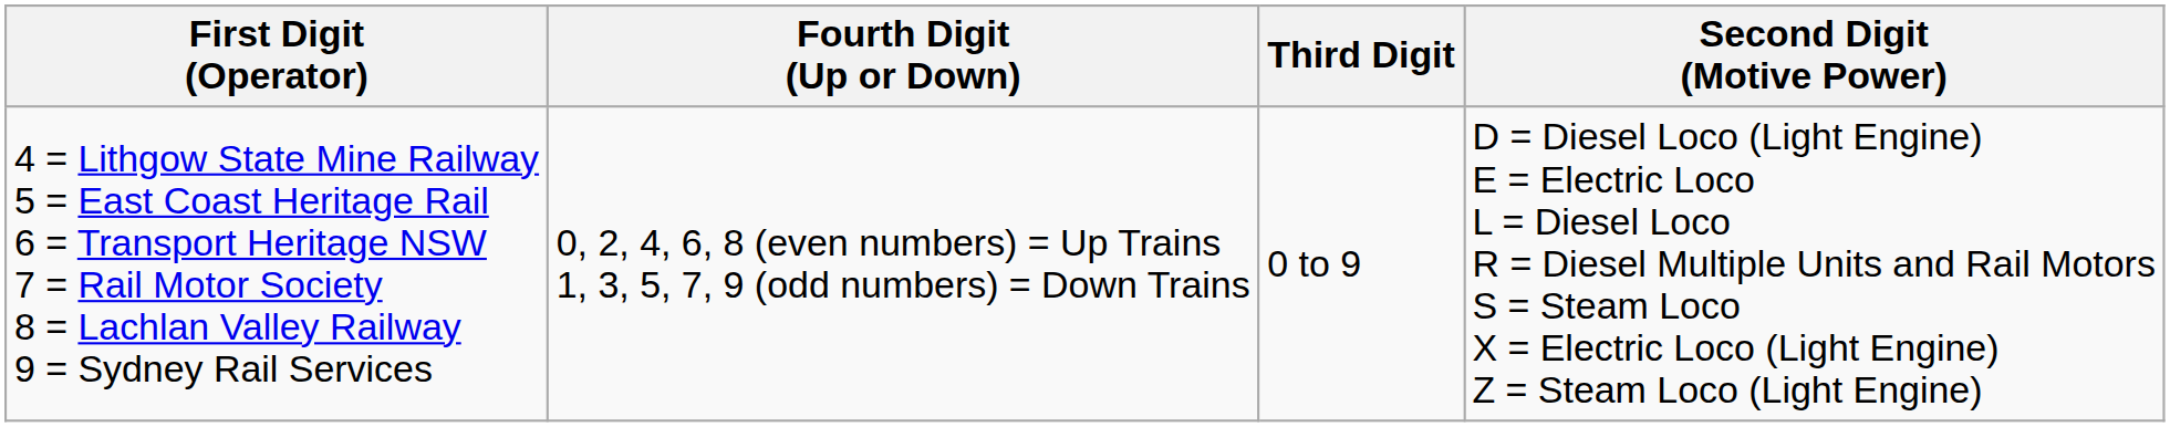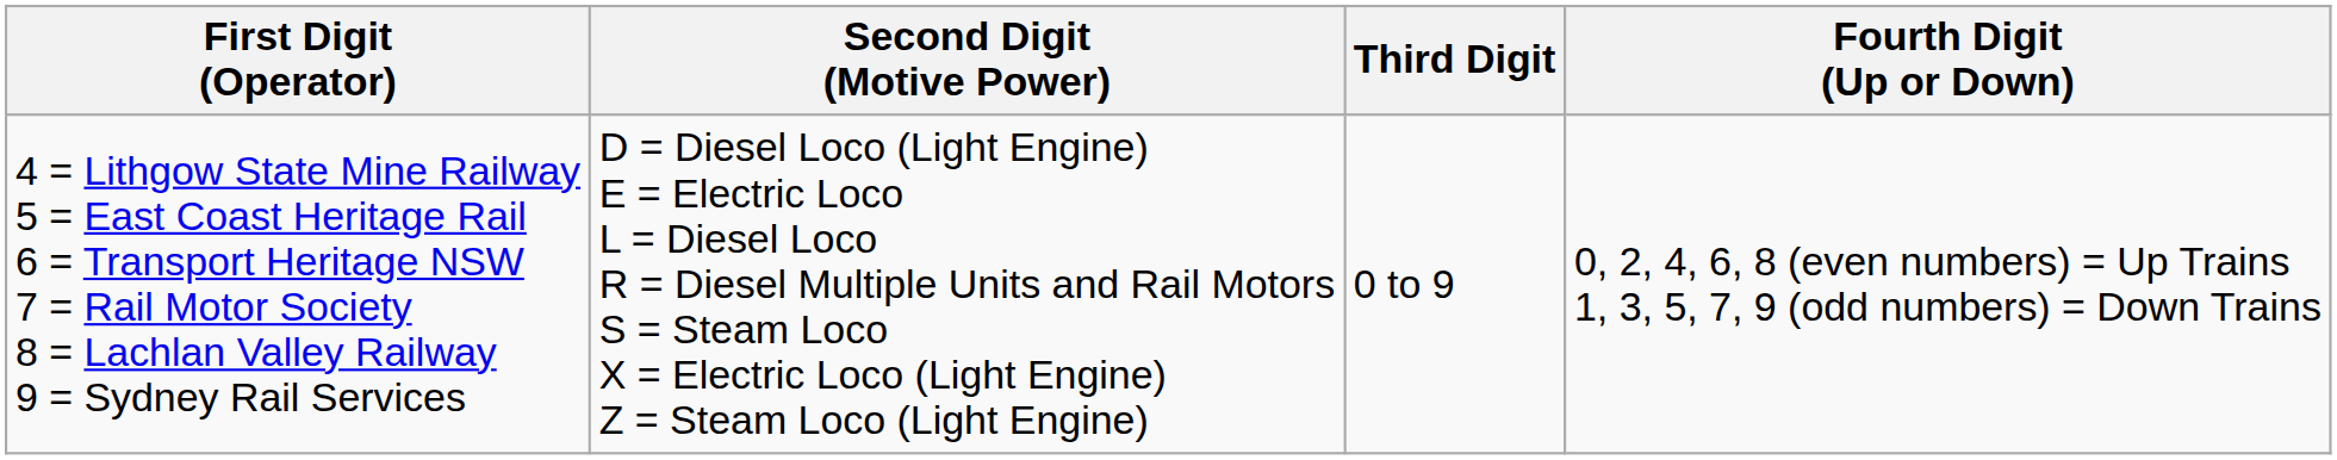 <table class="wikitable">
 <tr>
 <th>First Digit<br>(Operator)</th>
+<th>Second Digit<br>(Motive Power)</th>
+<th>Third Digit<br></th>
 <th>Fourth Digit<br>(Up or Down)</th>
-<th>Third Digit<br></th>
-<th>Second Digit<br>(Motive Power)</th>
 </tr>
 <tr>
 <td>4 = <a href='#'>Lithgow State Mine Railway</a><br>5 = <a href='#'>East Coast Heritage Rail</a><br>6 = <a href='#'>Transport Heritage NSW</a><br>7 = <a href='#'>Rail Motor Society</a><br>8 = <a href='#'>Lachlan Valley Railway</a><br>9 = Sydney Rail Services</td>
+<td>D = Diesel Loco (Light Engine)<br>E = Electric Loco<br>L = Diesel Loco<br>R = Diesel Multiple Units and Rail Motors<br>S = Steam Loco<br>X = Electric Loco (Light Engine)<br>Z = Steam Loco (Light Engine)</td>
+<td>0 to 9</td>
 <td>0, 2, 4, 6, 8 (even numbers) = Up Trains<br>1, 3, 5, 7, 9 (odd numbers) = Down Trains</td>
-<td>0 to 9</td>
-<td>D = Diesel Loco (Light Engine)<br>E = Electric Loco<br>L = Diesel Loco<br>R = Diesel Multiple Units and Rail Motors<br>S = Steam Loco<br>X = Electric Loco (Light Engine)<br>Z = Steam Loco (Light Engine)</td>
 </tr>
 </table>
